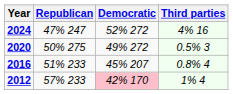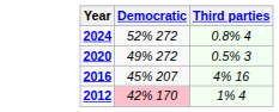 <table class="wikitable" style="float:right; font-size:95%;">
 <tr bgcolor=lightgrey>
 <th>Year</th>
-<th><a href='#'>Republican</a></th>
 <th><a href='#'>Democratic</a></th>
 <th><a href='#'>Third parties</a></th>
 </tr>
 <tr>
 <td style="text-align:center; "><strong><a href='#'>2024</a></strong></td>
-<td style="text-align:center; "><em>47%</em> <em>247</em></td>
 <td style="text-align:center; "><em>52%</em> <em>272</em></td>
-<td style="text-align:center; background:honeyDew;"><em>4%</em> <em>16</em></td>
+<td style="text-align:center; background:honeyDew;"><em>0.8%</em> <em>4</em></td>
 </tr>
 <tr>
 <td style="text-align:center; "><strong><a href='#'>2020</a></strong></td>
-<td style="text-align:center; "><em>50%</em> <em>275</em></td>
 <td style="text-align:center; "><em>49%</em> <em>272</em></td>
 <td style="text-align:center; background:honeyDew;"><em>0.5%</em> <em>3</em></td>
 </tr>
 <tr>
 <td style="text-align:center; "><strong><a href='#'>2016</a></strong></td>
-<td style="text-align:center; "><em>51%</em> <em>233</em></td>
 <td style="text-align:center; "><em>45%</em> <em>207</em></td>
-<td style="text-align:center; background:honeyDew;"><em>0.8%</em> <em>4</em></td>
+<td style="text-align:center; background:honeyDew;"><em>4%</em> <em>16</em></td>
 </tr>
 <tr>
 <td style="text-align:center; "><strong><a href='#'>2012</a></strong></td>
-<td style="text-align:center; "><em>57%</em> <em>233</em></td>
 <td style="background: pink; text-align:center; "><em>42%</em> <em>170</em></td>
 <td style="text-align:center; background:honeyDew;"><em>1%</em> <em>4</em></td>
 </tr>
 </table>
